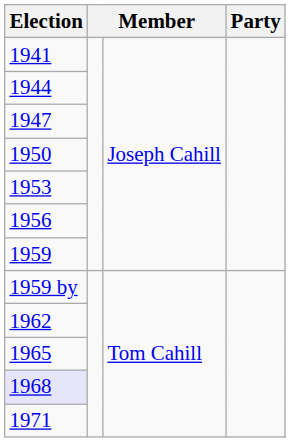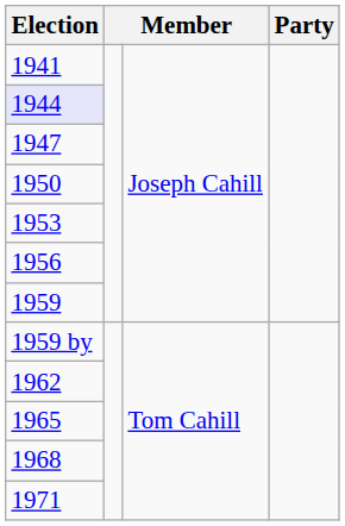 <table class="wikitable">
 <tr>
 <th>Election</th>
 <th colspan="2">Member</th>
 <th>Party</th>
 </tr>
 <tr>
 <td><a href='#'>1941</a></td>
 <td rowspan="7" > </td>
 <td rowspan="7"><a href='#'>Joseph Cahill</a></td>
 <td rowspan="7"></td>
 </tr>
 <tr>
-<td><a href='#'>1944</a></td>
+<td style="background: lavender;"><a href='#'>1944</a></td>
 </tr>
 <tr>
 <td><a href='#'>1947</a></td>
 </tr>
 <tr>
 <td><a href='#'>1950</a></td>
 </tr>
 <tr>
 <td><a href='#'>1953</a></td>
 </tr>
 <tr>
 <td><a href='#'>1956</a></td>
 </tr>
 <tr>
 <td><a href='#'>1959</a></td>
 </tr>
 <tr>
 <td><a href='#'>1959 by</a></td>
 <td rowspan="5" > </td>
 <td rowspan="5"><a href='#'>Tom Cahill</a></td>
 <td rowspan="5"></td>
 </tr>
 <tr>
 <td><a href='#'>1962</a></td>
 </tr>
 <tr>
 <td><a href='#'>1965</a></td>
 </tr>
 <tr>
-<td style="background: lavender;"><a href='#'>1968</a></td>
+<td><a href='#'>1968</a></td>
 </tr>
 <tr>
 <td><a href='#'>1971</a></td>
 </tr>
 </table>
